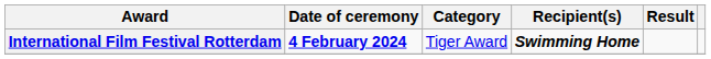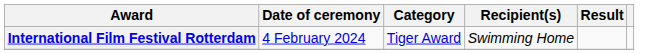 <table class="wikitable sortable plainrowheaders">
 <tr>
 <th scope="col">Award</th>
 <th scope="col">Date of ceremony</th>
 <th scope="col">Category</th>
 <th scope="col">Recipient(s)</th>
 <th scope="col">Result</th>
 <th scope="col" class="unsortable"></th>
 </tr>
 <tr>
 <th scope="row"><a href='#'>International Film Festival Rotterdam</a></th>
-<td><strong><a href='#'>4 February 2024</a></strong></td>
+<td><a href='#'>4 February 2024</a></td>
 <td><a href='#'>Tiger Award</a></td>
-<td><strong><em>Swimming Home</em></strong></td>
+<td><em>Swimming Home</em></td>
 <td></td>
 <td align="center"></td>
 </tr>
 <tr>
 </tr>
 </table>
